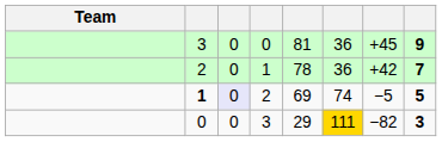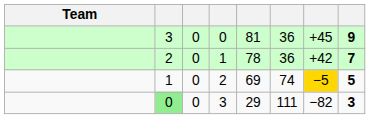 <table class="wikitable" style="text-align:center;">
 <tr>
 <th style="width:10.5em;">Team</th>
 <th style="width:1.5em;"></th>
 <th style="width:1.5em;"></th>
 <th style="width:1.5em;"></th>
 <th style="width:2.0em;"></th>
 <th style="width:2.0em;"></th>
 <th style="width:2.0em;"></th>
 <th style="width:1.5em;"></th>
 </tr>
 <tr bgcolor=#cfc>
 <td align="left"></td>
 <td>3</td>
 <td>0</td>
 <td>0</td>
 <td>81</td>
 <td>36</td>
 <td>+45</td>
 <td><strong>9</strong></td>
 </tr>
 <tr bgcolor=#cfc>
 <td align="left"></td>
 <td>2</td>
 <td>0</td>
 <td>1</td>
 <td>78</td>
 <td>36</td>
 <td>+42</td>
 <td><strong>7</strong></td>
 </tr>
 <tr>
 <td align="left"></td>
-<td><strong>1</strong></td>
-<td style="background: lavender;">0</td>
+<td>1</td>
+<td>0</td>
 <td>2</td>
 <td>69</td>
 <td>74</td>
-<td>−5</td>
+<td style="background: gold;">−5</td>
 <td><strong>5</strong></td>
 </tr>
 <tr>
 <td align="left"></td>
-<td>0</td>
+<td style="background: lightgreen;">0</td>
 <td>0</td>
 <td>3</td>
 <td>29</td>
-<td style="background: gold;">111</td>
+<td>111</td>
 <td>−82</td>
 <td><strong>3</strong></td>
 </tr>
 </table>
